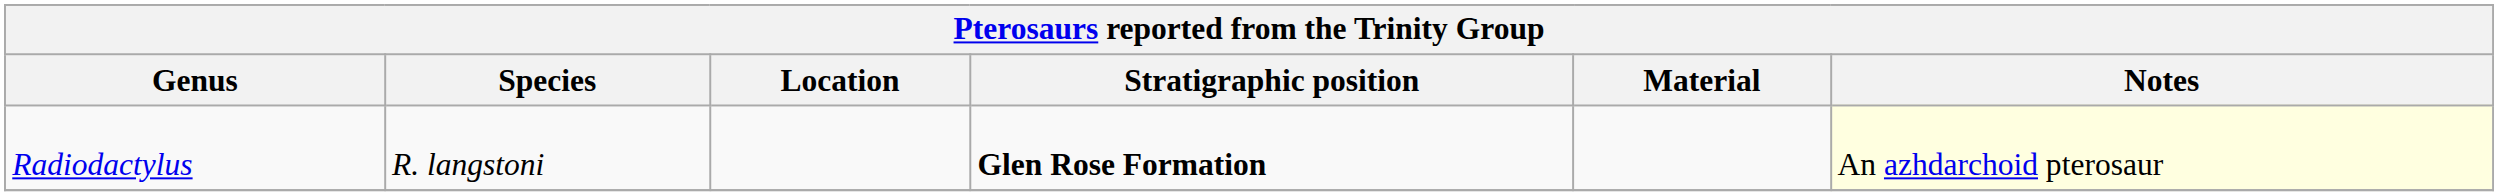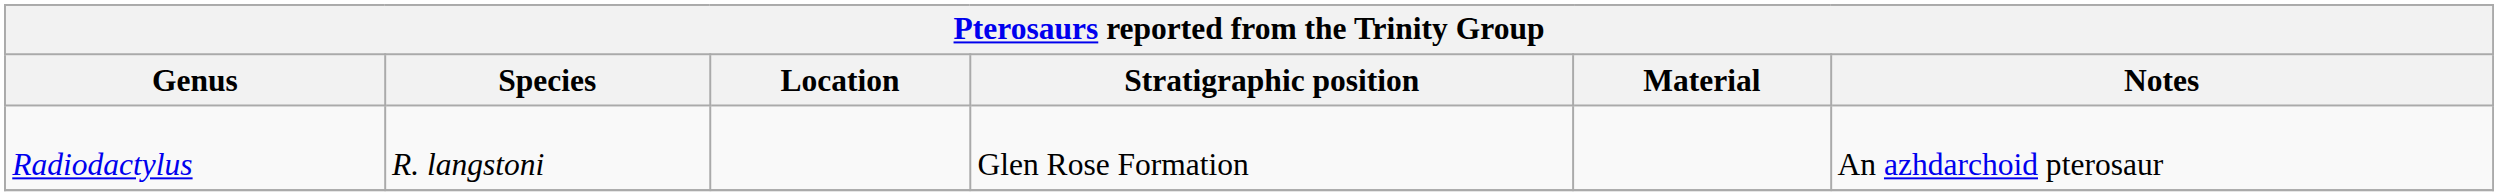 <table class="wikitable" align="center" width="100%">
 <tr>
 <th colspan="6" align="center"><strong><a href='#'>Pterosaurs</a> reported from the Trinity Group</strong></th>
 </tr>
 <tr>
 <th>Genus</th>
 <th>Species</th>
 <th>Location</th>
 <th>Stratigraphic position</th>
 <th>Material</th>
 <th>Notes</th>
 </tr>
 <tr>
 <td><br><em><a href='#'>Radiodactylus</a></em></td>
 <td><br><em>R. langstoni</em></td>
 <td></td>
-<td><strong><br>Glen Rose Formation</strong></td>
+<td><br>Glen Rose Formation</td>
 <td></td>
-<td style="background: lightyellow;"><br>An <a href='#'>azhdarchoid</a> pterosaur</td>
+<td><br>An <a href='#'>azhdarchoid</a> pterosaur</td>
 </tr>
 <tr>
 </tr>
 </table>
